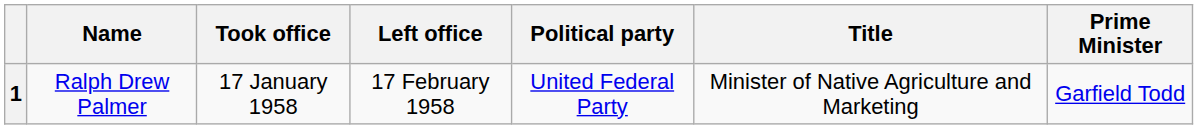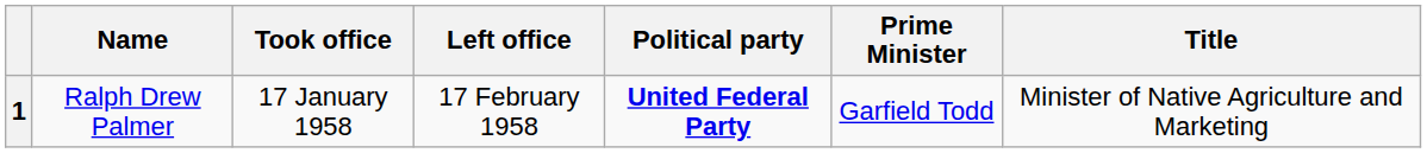 <table class="wikitable" style="text-align:center">
 <tr>
 <th></th>
 <th>Name</th>
 <th>Took office</th>
 <th>Left office</th>
 <th>Political party</th>
+<th>Prime Minister</th>
 <th>Title</th>
-<th>Prime Minister</th>
 </tr>
 <tr>
 <th style="background:">1</th>
 <td><a href='#'>Ralph Drew Palmer</a></td>
 <td>17 January 1958</td>
 <td>17 February 1958</td>
-<td><a href='#'>United Federal Party</a></td>
+<td><strong><a href='#'>United Federal Party</a></strong></td>
+<td><a href='#'>Garfield Todd</a></td>
 <td>Minister of Native Agriculture and Marketing</td>
-<td><a href='#'>Garfield Todd</a></td>
 </tr>
 </table>
